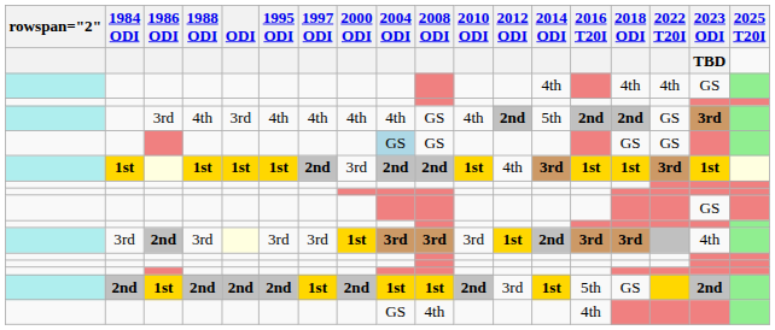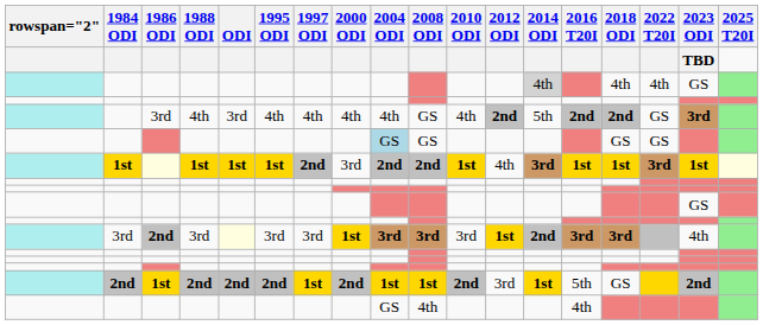 <table class="wikitable" style="text-align: center;">
 <tr>
 <th>rowspan="2" </th>
 <th><a href='#'>1984</a> <br> <a href='#'>ODI</a></th>
 <th><a href='#'>1986</a> <br> <a href='#'>ODI</a></th>
 <th><a href='#'>1988</a> <br> <a href='#'>ODI</a></th>
 <th> <br> <a href='#'>ODI</a></th>
 <th><a href='#'>1995</a> <br> <a href='#'>ODI</a></th>
 <th><a href='#'>1997</a> <br> <a href='#'>ODI</a></th>
 <th><a href='#'>2000</a> <br> <a href='#'>ODI</a></th>
 <th><a href='#'>2004</a> <br> <a href='#'>ODI</a></th>
 <th><a href='#'>2008</a> <br> <a href='#'>ODI</a></th>
 <th><a href='#'>2010</a> <br> <a href='#'>ODI</a></th>
 <th><a href='#'>2012</a> <br> <a href='#'>ODI</a></th>
 <th><a href='#'>2014</a> <br> <a href='#'>ODI</a></th>
 <th><a href='#'>2016</a> <br> <a href='#'>T20I</a></th>
 <th><a href='#'>2018</a> <br> <a href='#'>ODI</a></th>
 <th><a href='#'>2022</a> <br> <a href='#'>T20I</a></th>
 <th><a href='#'>2023</a> <br> <a href='#'>ODI</a></th>
 <th><a href='#'>2025</a> <br> <a href='#'>T20I</a></th>
 </tr>
 <tr>
 <th></th>
 <th></th>
 <th></th>
 <th></th>
 <th></th>
 <th></th>
 <th></th>
 <th></th>
 <th></th>
 <th></th>
 <th></th>
 <th></th>
 <th></th>
 <th></th>
 <th></th>
 <th></th>
 <th>TBD</th>
 </tr>
 <tr>
 <td style="background: PaleTurquoise" align="left"></td>
 <td></td>
 <td></td>
 <td></td>
 <td></td>
 <td></td>
 <td></td>
 <td></td>
 <td></td>
 <td bgcolor=LightCoral></td>
 <td></td>
 <td></td>
-<td>4th</td>
+<td style="background: lightgrey;">4th</td>
 <td bgcolor=LightCoral></td>
 <td>4th</td>
 <td>4th</td>
 <td>GS</td>
 <td bgcolor=LightGreen></td>
 </tr>
 <tr>
 <td align="left"></td>
 <td></td>
 <td></td>
 <td></td>
 <td></td>
 <td></td>
 <td></td>
 <td></td>
 <td></td>
 <td bgcolor=LightCoral></td>
 <td></td>
 <td></td>
 <td></td>
 <td></td>
 <td></td>
 <td></td>
 <td bgcolor=LightCoral></td>
 <td bgcolor=LightCoral></td>
 </tr>
 <tr>
 <td style="background: PaleTurquoise" align="left"></td>
 <td></td>
 <td>3rd</td>
 <td>4th</td>
 <td>3rd</td>
 <td>4th</td>
 <td>4th</td>
 <td>4th</td>
 <td>4th</td>
 <td>GS</td>
 <td>4th</td>
 <td style="background: silver"><strong>2nd</strong></td>
 <td>5th</td>
 <td style="background: silver"><strong>2nd</strong></td>
 <td style="background: silver"><strong>2nd</strong></td>
 <td>GS</td>
 <td style="background: #cc9966"><strong>3rd</strong></td>
 <td bgcolor=LightGreen></td>
 </tr>
 <tr>
 <td align="left"></td>
 <td></td>
 <td bgcolor=LightCoral></td>
 <td></td>
 <td></td>
 <td></td>
 <td></td>
 <td></td>
 <td style="background: lightblue;">GS</td>
 <td>GS</td>
 <td></td>
 <td></td>
 <td></td>
 <td bgcolor=LightCoral></td>
 <td>GS</td>
 <td>GS</td>
 <td bgcolor=LightCoral></td>
 <td bgcolor=LightGreen></td>
 </tr>
 <tr>
 <td style="background: PaleTurquoise" align="left"></td>
 <td style="background: gold"><strong>1st</strong></td>
 <td bgcolor=LightYellow></td>
 <td style="background: gold"><strong>1st</strong></td>
 <td style="background: gold"><strong>1st</strong></td>
 <td style="background: gold"><strong>1st</strong></td>
 <td style="background: silver"><strong>2nd</strong></td>
 <td>3rd</td>
 <td style="background: silver"><strong>2nd</strong></td>
 <td style="background: silver"><strong>2nd</strong></td>
 <td style="background: gold"><strong>1st</strong></td>
 <td>4th</td>
 <td style="background: #cc9966"><strong>3rd</strong></td>
 <td style="background: gold"><strong>1st</strong></td>
 <td style="background: gold"><strong>1st</strong></td>
 <td style="background: #cc9966"><strong>3rd</strong></td>
 <td style="background: gold"><strong>1st</strong></td>
 <td bgcolor=LightYellow></td>
 </tr>
 <tr>
 <td align="left"></td>
 <td></td>
 <td></td>
 <td></td>
 <td></td>
 <td></td>
 <td></td>
 <td></td>
 <td></td>
 <td></td>
 <td></td>
 <td></td>
 <td></td>
 <td></td>
 <td></td>
 <td bgcolor=LightCoral></td>
 <td bgcolor=LightCoral></td>
 <td bgcolor=LightCoral></td>
 </tr>
 <tr>
 <td align="left"></td>
 <td></td>
 <td></td>
 <td></td>
 <td></td>
 <td></td>
 <td></td>
 <td bgcolor=LightCoral></td>
 <td bgcolor=LightCoral></td>
 <td bgcolor=LightCoral></td>
 <td></td>
 <td></td>
 <td></td>
 <td></td>
 <td bgcolor=LightCoral></td>
 <td bgcolor=LightCoral></td>
 <td bgcolor=LightCoral></td>
 <td bgcolor=LightCoral></td>
 </tr>
 <tr>
 <td align="left"></td>
 <td></td>
 <td></td>
 <td></td>
 <td></td>
 <td></td>
 <td></td>
 <td></td>
 <td bgcolor=LightCoral></td>
 <td bgcolor=LightCoral></td>
 <td></td>
 <td></td>
 <td></td>
 <td></td>
 <td bgcolor=LightCoral></td>
 <td bgcolor=LightCoral></td>
 <td>GS</td>
 <td bgcolor=LightCoral></td>
 </tr>
 <tr>
 <td align="left"></td>
 <td></td>
 <td></td>
 <td></td>
 <td></td>
 <td></td>
 <td></td>
 <td></td>
 <td></td>
 <td bgcolor=LightCoral></td>
 <td></td>
 <td></td>
 <td></td>
 <td bgcolor=LightCoral></td>
 <td bgcolor=LightCoral></td>
 <td bgcolor=LightCoral></td>
 <td bgcolor=LightCoral></td>
 <td bgcolor=LightGreen></td>
 </tr>
 <tr>
 <td style="background: PaleTurquoise" align="left"></td>
 <td>3rd</td>
 <td style="background: silver"><strong>2nd</strong></td>
 <td>3rd</td>
 <td bgcolor=LightYellow></td>
 <td>3rd</td>
 <td>3rd</td>
 <td style="background: gold"><strong>1st</strong></td>
 <td style="background: #cc9966"><strong>3rd</strong></td>
 <td style="background: #cc9966"><strong>3rd</strong></td>
 <td>3rd</td>
 <td style="background: gold"><strong>1st</strong></td>
 <td style="background: silver"><strong>2nd</strong></td>
 <td style="background: #cc9966"><strong>3rd</strong></td>
 <td style="background: #cc9966"><strong>3rd</strong></td>
 <td bgcolor=silver></td>
 <td>4th</td>
 <td bgcolor=LightGreen></td>
 </tr>
 <tr>
 <td align="left"></td>
 <td></td>
 <td></td>
 <td></td>
 <td></td>
 <td></td>
 <td></td>
 <td></td>
 <td></td>
 <td bgcolor=LightCoral></td>
 <td></td>
 <td></td>
 <td></td>
 <td></td>
 <td></td>
 <td></td>
 <td bgcolor=LightCoral></td>
 <td bgcolor=LightCoral></td>
 </tr>
 <tr>
 <td align="left"></td>
 <td></td>
 <td></td>
 <td></td>
 <td></td>
 <td></td>
 <td></td>
 <td></td>
 <td></td>
 <td bgcolor=LightCoral></td>
 <td></td>
 <td></td>
 <td></td>
 <td></td>
 <td></td>
 <td></td>
 <td bgcolor=LightCoral></td>
 <td bgcolor=LightCoral></td>
 </tr>
 <tr>
 <td align="left"></td>
 <td></td>
 <td bgcolor=LightCoral></td>
 <td></td>
 <td></td>
 <td></td>
 <td></td>
 <td></td>
 <td bgcolor=LightCoral></td>
 <td bgcolor=LightCoral></td>
 <td></td>
 <td></td>
 <td></td>
 <td></td>
 <td bgcolor=LightCoral></td>
 <td bgcolor=LightCoral></td>
 <td bgcolor=LightCoral></td>
 <td bgcolor=LightCoral></td>
 </tr>
 <tr>
 <td style="background: PaleTurquoise" align="left"></td>
 <td style="background: silver"><strong>2nd</strong></td>
 <td style="background: gold"><strong>1st</strong></td>
 <td style="background: silver"><strong>2nd</strong></td>
 <td style="background: silver"><strong>2nd</strong></td>
 <td style="background: silver"><strong>2nd</strong></td>
 <td style="background: gold"><strong>1st</strong></td>
 <td style="background: silver"><strong>2nd</strong></td>
 <td style="background: gold"><strong>1st</strong></td>
 <td style="background: gold"><strong>1st</strong></td>
 <td style="background: silver"><strong>2nd</strong></td>
 <td>3rd</td>
 <td style="background: gold"><strong>1st</strong></td>
 <td>5th</td>
 <td>GS</td>
 <td bgcolor=gold></td>
 <td style="background: silver"><strong>2nd</strong></td>
 <td bgcolor=LightGreen></td>
 </tr>
 <tr>
 <td align="left"></td>
 <td></td>
 <td></td>
 <td></td>
 <td></td>
 <td></td>
 <td></td>
 <td></td>
 <td>GS</td>
 <td>4th</td>
 <td></td>
 <td></td>
 <td></td>
 <td>4th</td>
 <td bgcolor=LightCoral></td>
 <td bgcolor=LightCoral></td>
 <td bgcolor=LightCoral></td>
 <td bgcolor=LightGreen></td>
 </tr>
 </table>
